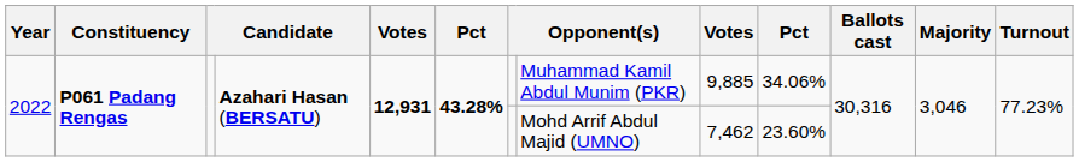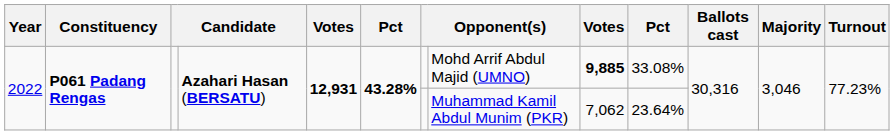 <table class="wikitable" style="margin:0.5em ; font-size:95%">
 <tr>
 <th>Year</th>
 <th>Constituency</th>
 <th colspan=2>Candidate</th>
 <th>Votes</th>
 <th>Pct</th>
 <th colspan=2>Opponent(s)</th>
 <th>Votes</th>
 <th>Pct</th>
 <th>Ballots cast</th>
 <th>Majority</th>
 <th>Turnout</th>
 </tr>
 <tr>
 <td rowspan=2><a href='#'>2022</a></td>
 <td rowspan=2><strong>P061 <a href='#'>Padang Rengas</a></strong></td>
 <td rowspan=2 bgcolor=></td>
 <td rowspan=2><strong>Azahari Hasan</strong> (<a href='#'><strong>BERSATU</strong></a>)</td>
 <td rowspan=2 align="right"><strong>12,931</strong></td>
 <td rowspan=2><strong>43.28%</strong></td>
 <td></td>
-<td><a href='#'>Muhammad Kamil Abdul Munim</a>	(<a href='#'>PKR</a>)</td>
-<td align=right>9,885</td>
-<td>34.06%</td>
+<td>Mohd Arrif Abdul Majid (<a href='#'>UMNO</a>)</td>
+<td align=right><strong>9,885</strong></td>
+<td>33.08%</td>
 <td rowspan=2>30,316</td>
 <td rowspan=2>3,046</td>
 <td rowspan=2>77.23%</td>
 </tr>
 <tr>
 <td></td>
-<td>Mohd Arrif Abdul Majid (<a href='#'>UMNO</a>)</td>
-<td align=right>7,462</td>
-<td>23.60%</td>
+<td><a href='#'>Muhammad Kamil Abdul Munim</a>	(<a href='#'>PKR</a>)</td>
+<td align=right>7,062</td>
+<td>23.64%</td>
 </tr>
 </table>
